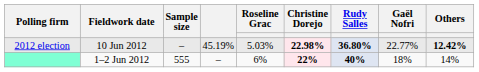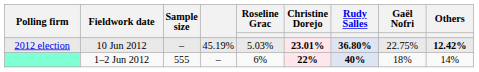 <table class="wikitable sortable" style="text-align:center;font-size:90%;line-height:14px;">
 <tr style="height:40px;">
 <th style="width:100px;" rowspan="2">Polling firm</th>
 <th style="width:110px;" rowspan="2">Fieldwork date</th>
 <th style="width:35px;" rowspan="2">Sample<br>size</th>
 <th style="width:30px;" rowspan="2"></th>
 <th class="unsortable" style="width:60px;">Roseline Grac<br></th>
 <th class="unsortable" style="width:60px;">Christine Dorejo<br></th>
 <th class="unsortable" style="width:60px;"><a href='#'>Rudy Salles</a><br></th>
 <th class="unsortable" style="width:60px;">Gaël Nofri<br></th>
 <th class="unsortable" style="width:60px;">Others</th>
 </tr>
 <tr>
 <th style="background:"></th>
 <th style="background:"></th>
 <th style="background:"></th>
 <th style="background:"></th>
 <th style="background:"></th>
 </tr>
 <tr style="background:#E9E9E9;">
 <td><a href='#'>2012 election</a></td>
 <td data-sort-value="2012-06-10">10 Jun 2012</td>
 <td>–</td>
 <td>45.19%</td>
 <td>5.03%</td>
-<td style="background:#FFE6EC;"><strong>22.98%</strong></td>
+<td style="background:#FFE6EC;"><strong>23.01%</strong></td>
 <td style="background:#DEE5F2;"><strong>36.80%</strong></td>
-<td>22.77%</td>
+<td>22.75%</td>
 <td><strong>12.42%</strong></td>
 </tr>
 <tr>
 <td style="background:aquamarine;"></td>
 <td data-sort-value="2012-06-02">1–2 Jun 2012</td>
 <td>555</td>
 <td>–</td>
 <td>6%</td>
 <td style="background:#FFE6EC;"><strong>22%</strong></td>
 <td style="background:#DEE5F2;"><strong>40%</strong></td>
 <td>18%</td>
 <td>14%</td>
 </tr>
 </table>
